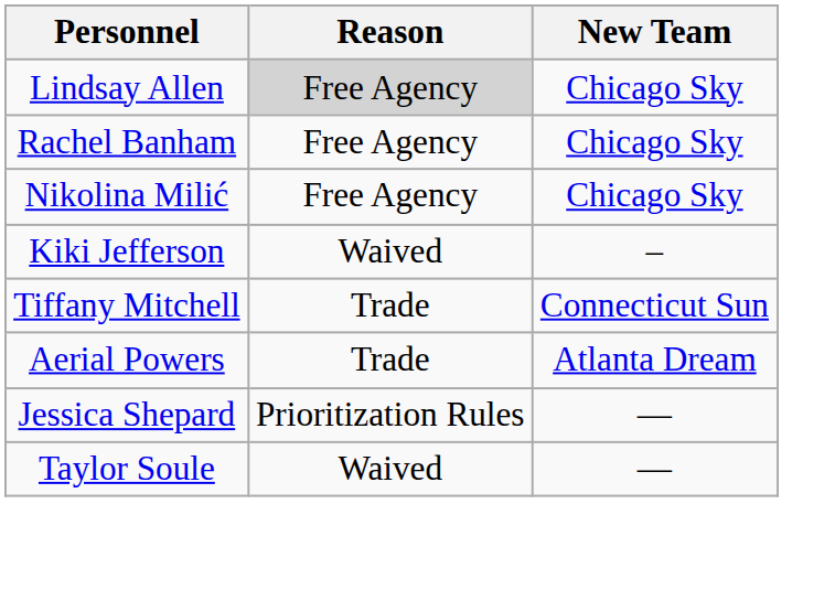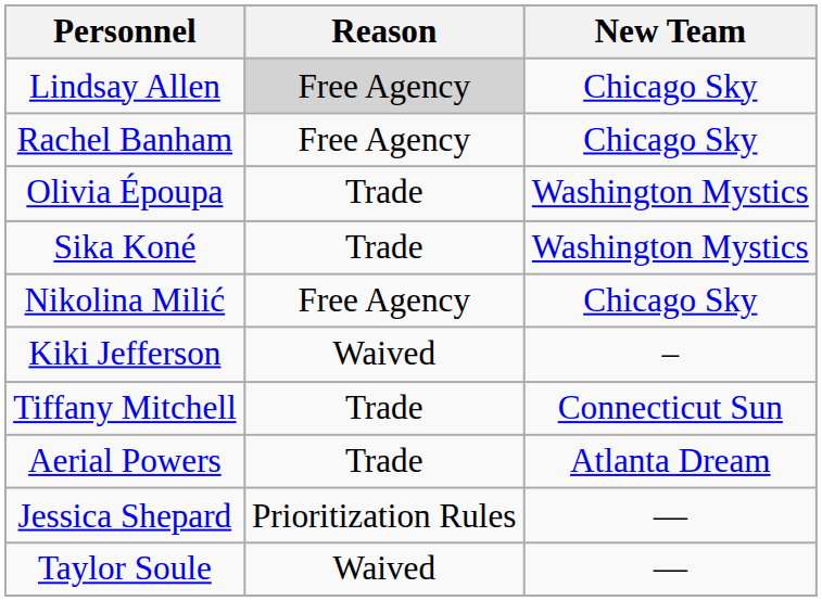 <table class="wikitable" style="text-align: center">
 <tr align="center"  bgcolor="#dddddd">
 <th><strong>Personnel</strong></th>
 <th><strong>Reason</strong></th>
 <th><strong>New Team</strong></th>
 </tr>
 <tr>
 <td><a href='#'>Lindsay Allen</a></td>
 <td style="background: lightgrey;">Free Agency</td>
 <td><a href='#'>Chicago Sky</a></td>
 </tr>
 <tr>
 <td><a href='#'>Rachel Banham</a></td>
 <td>Free Agency</td>
 <td><a href='#'>Chicago Sky</a></td>
+</tr>
+<tr>
+<td><a href='#'>Olivia Époupa</a></td>
+<td>Trade</td>
+<td><a href='#'>Washington Mystics</a></td>
+</tr>
+<tr>
+<td><a href='#'>Sika Koné</a></td>
+<td>Trade</td>
+<td><a href='#'>Washington Mystics</a></td>
 </tr>
 <tr>
 <td><a href='#'>Nikolina Milić</a></td>
 <td>Free Agency</td>
 <td><a href='#'>Chicago Sky</a></td>
 </tr>
 <tr>
 <td><a href='#'>Kiki Jefferson</a></td>
 <td>Waived</td>
 <td>–</td>
 </tr>
 <tr>
 <td><a href='#'>Tiffany Mitchell</a></td>
 <td>Trade</td>
 <td><a href='#'>Connecticut Sun</a></td>
 </tr>
 <tr>
 <td><a href='#'>Aerial Powers</a></td>
 <td>Trade</td>
 <td><a href='#'>Atlanta Dream</a></td>
 </tr>
 <tr>
 <td><a href='#'>Jessica Shepard</a></td>
 <td>Prioritization Rules</td>
 <td>—</td>
 </tr>
 <tr>
 <td><a href='#'>Taylor Soule</a></td>
 <td>Waived</td>
 <td>—</td>
 </tr>
 </table>
